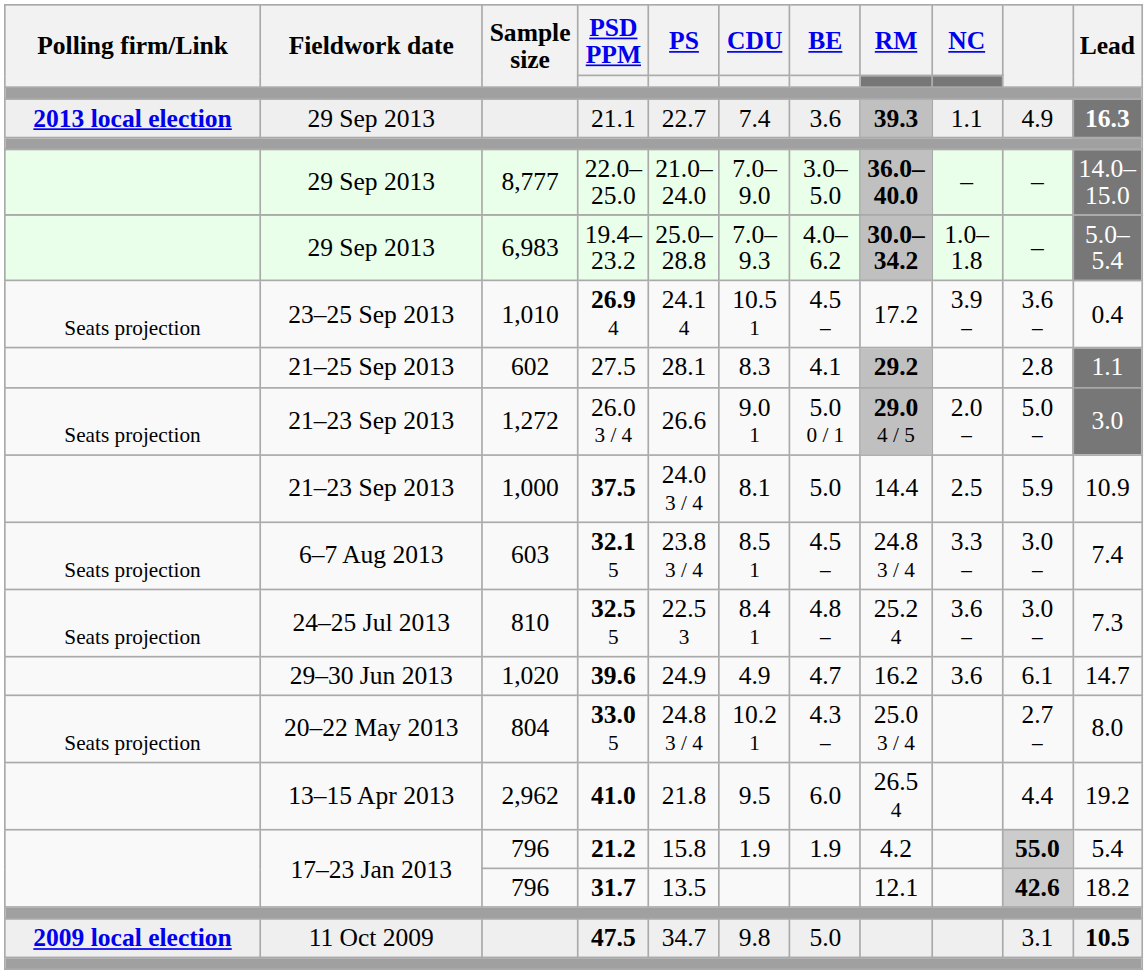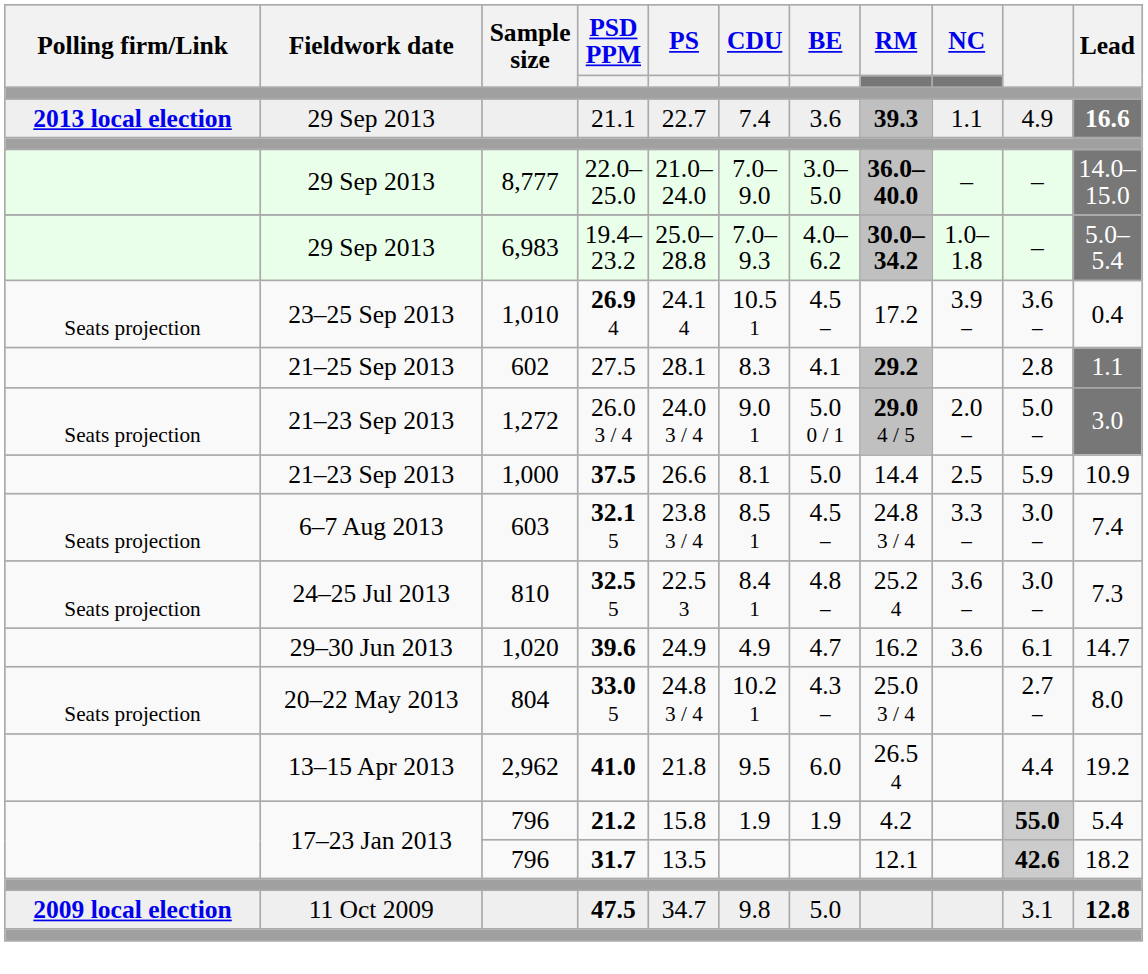 <table class="wikitable collapsible sortable" style="text-align:center; font-size:95%; line-height:16px;">
 <tr style="height:42px;">
 <th style="width:145px;" rowspan="2">Polling firm/Link</th>
 <th style="width:125px;" rowspan="2">Fieldwork date</th>
 <th class="unsortable" style="width:50px;" rowspan="2">Sample size</th>
 <th class="unsortable" style="width:35px;"><a href='#'>PSD</a><br><a href='#'>PPM</a></th>
 <th class="unsortable" style="width:35px;"><a href='#'>PS</a></th>
 <th class="unsortable" style="width:35px;"><a href='#'>CDU</a></th>
 <th class="unsortable" style="width:35px;"><a href='#'>BE</a></th>
 <th class="unsortable" style="width:35px;"><a href='#'>RM</a></th>
 <th class="unsortable" style="width:35px;"><a href='#'>NC</a></th>
 <th class="unsortable" style="width:35px;" rowspan="2"></th>
 <th class="unsortable" style="width:30px;" rowspan="2">Lead</th>
 </tr>
 <tr>
 <th class="unsortable" style="color:inherit;background:"></th>
 <th class="unsortable" style="color:inherit;background:"></th>
 <th class="unsortable" style="color:inherit;background:"></th>
 <th class="unsortable" style="color:inherit;background:"></th>
 <th class="unsortable" style="color:inherit;background:#777777;"></th>
 <th class="unsortable" style="color:inherit;background:#777777;"></th>
 </tr>
 <tr>
 <td colspan="12" style="background:#A0A0A0"></td>
 </tr>
 <tr style="background:#EFEFEF;">
 <td><strong><a href='#'>2013 local election</a></strong></td>
 <td data-sort-value="2019-10-06">29 Sep 2013</td>
 <td></td>
 <td>21.1<br></td>
 <td>22.7<br></td>
 <td>7.4<br></td>
 <td>3.6<br></td>
 <td style="background:#C0C0C0"><strong>39.3</strong><br></td>
 <td>1.1<br></td>
 <td>4.9<br></td>
-<td style="background:#777777; color:white;"><strong>16.3</strong></td>
+<td style="background:#777777; color:white;"><strong>16.6</strong></td>
 </tr>
 <tr>
 <td colspan="12" style="background:#A0A0A0"></td>
 </tr>
 <tr>
 </tr>
 <tr style="background:#EAFFEA"|>
 <td></td>
 <td data-sort-value="2019-10-06">29 Sep 2013</td>
 <td>8,777</td>
 <td>22.0–<br>25.0<br></td>
 <td>21.0–<br>24.0<br></td>
 <td>7.0–<br>9.0<br></td>
 <td>3.0–<br>5.0<br></td>
 <td style="background:#C0C0C0"><strong>36.0–<br>40.0</strong><br></td>
 <td>–</td>
 <td>–</td>
 <td style="background:#777777; color:white;">14.0–<br>15.0</td>
 </tr>
 <tr>
 </tr>
 <tr style="background:#EAFFEA"|>
 <td></td>
 <td data-sort-value="2019-10-06">29 Sep 2013</td>
 <td>6,983</td>
 <td>19.4–<br>23.2<br></td>
 <td>25.0–<br>28.8<br></td>
 <td>7.0–<br>9.3<br></td>
 <td>4.0–<br>6.2<br></td>
 <td style="background:#C0C0C0"><strong>30.0–<br>34.2</strong><br></td>
 <td>1.0–<br>1.8<br></td>
 <td>–</td>
 <td style="background:#777777; color:white;">5.0–<br>5.4</td>
 </tr>
 <tr>
 <td align="center"><br><small>Seats projection</small></td>
 <td align="center">23–25 Sep 2013</td>
 <td>1,010</td>
 <td align="center" ><strong>26.9</strong><br><small>4 </small></td>
 <td align="center">24.1<br><small>4 </small></td>
 <td align="center">10.5<br><small>1 </small></td>
 <td align="center">4.5<br><small> – </small></td>
 <td align="center">17.2</td>
 <td align="center">3.9<br><small> – </small></td>
 <td align="center">3.6<br><small> – </small></td>
 <td style="background:">0.4</td>
 </tr>
 <tr>
 <td align="center"></td>
 <td align="center">21–25 Sep 2013</td>
 <td>602</td>
 <td align="center">27.5</td>
 <td align="center">28.1</td>
 <td align="center">8.3</td>
 <td align="center">4.1</td>
 <td align="center" style="background:#C0C0C0"><strong>29.2</strong></td>
 <td></td>
 <td align="center">2.8</td>
 <td style="background:#777777;; color:white;">1.1</td>
 </tr>
 <tr>
 <td align="center"><br><small>Seats projection</small></td>
 <td align="center">21–23 Sep 2013</td>
 <td>1,272</td>
 <td align="center">26.0<br><small>3 / 4 </small></td>
-<td align="center">26.6</td>
+<td align="center">24.0<br><small>3 / 4 </small></td>
 <td align="center">9.0<br><small> 1  </small></td>
 <td align="center">5.0<br><small> 0 / 1 </small></td>
 <td align="center" style="background:#C0C0C0"><strong>29.0</strong><br><small>4 / 5 </small></td>
 <td align="center">2.0<br><small> – </small></td>
 <td align="center">5.0<br><small> – </small></td>
 <td style="background:#777777;; color:white;">3.0</td>
 </tr>
 <tr>
 <td align="center"></td>
 <td align="center">21–23 Sep 2013</td>
 <td>1,000</td>
 <td align="center" ><strong>37.5</strong></td>
-<td align="center">24.0<br><small>3 / 4 </small></td>
+<td align="center">26.6</td>
 <td align="center">8.1</td>
 <td align="center">5.0</td>
 <td align="center">14.4</td>
 <td align="center">2.5</td>
 <td align="center">5.9</td>
 <td style="background:">10.9</td>
 </tr>
 <tr>
 <td align="center"><br><small>Seats projection</small></td>
 <td align="center">6–7 Aug 2013</td>
 <td>603</td>
 <td align="center" ><strong>32.1</strong><br><small>5 </small></td>
 <td align="center">23.8<br><small>3 / 4 </small></td>
 <td align="center">8.5<br><small>1 </small></td>
 <td align="center">4.5<br><small> – </small></td>
 <td align="center">24.8<br><small>3 / 4 </small></td>
 <td align="center">3.3<br><small> – </small></td>
 <td align="center">3.0<br><small> – </small></td>
 <td style="background:">7.4</td>
 </tr>
 <tr>
 <td align="center"><br><small>Seats projection</small></td>
 <td align="center">24–25 Jul 2013</td>
 <td>810</td>
 <td align="center" ><strong>32.5</strong><br><small>5 </small></td>
 <td align="center">22.5<br><small>3 </small></td>
 <td align="center">8.4<br><small>1 </small></td>
 <td align="center">4.8<br><small> – </small></td>
 <td align="center">25.2<br><small>4 </small></td>
 <td align="center">3.6<br><small> – </small></td>
 <td align="center">3.0<br><small> – </small></td>
 <td style="background:">7.3</td>
 </tr>
 <tr>
 <td align="center"></td>
 <td align="center">29–30 Jun 2013</td>
 <td>1,020</td>
 <td align="center" ><strong>39.6</strong></td>
 <td align="center">24.9</td>
 <td align="center">4.9</td>
 <td align="center">4.7</td>
 <td align="center">16.2</td>
 <td align="center">3.6</td>
 <td align="center">6.1</td>
 <td style="background:">14.7</td>
 </tr>
 <tr>
 <td align="center"><br><small>Seats projection</small></td>
 <td align="center">20–22 May 2013</td>
 <td>804</td>
 <td align="center" ><strong>33.0</strong><br><small>5 </small></td>
 <td align="center">24.8<br><small>3 / 4 </small></td>
 <td align="center">10.2<br><small>1 </small></td>
 <td align="center">4.3<br><small> – </small></td>
 <td align="center">25.0<br><small>3 / 4 </small></td>
 <td></td>
 <td align="center">2.7<br><small> – </small></td>
 <td style="background:">8.0</td>
 </tr>
 <tr>
 <td align="center"></td>
 <td align="center">13–15 Apr 2013</td>
 <td>2,962</td>
 <td align="center" ><strong>41.0</strong></td>
 <td align="center">21.8</td>
 <td align="center">9.5</td>
 <td align="center">6.0</td>
 <td align="center">26.5<br><small>4 </small></td>
 <td></td>
 <td align="center">4.4</td>
 <td style="background:">19.2</td>
 </tr>
 <tr>
 <td rowspan="2" align="center"></td>
 <td rowspan="2" align="center">17–23 Jan 2013</td>
 <td>796</td>
 <td align="center" ><strong>21.2</strong></td>
 <td align="center">15.8</td>
 <td align="center">1.9</td>
 <td align="center">1.9</td>
 <td align="center">4.2</td>
 <td></td>
 <td align="center" style="background:#cccccc"><strong>55.0</strong></td>
 <td style="background:">5.4</td>
 </tr>
 <tr>
 <td>796</td>
 <td align="center" ><strong>31.7</strong></td>
 <td align="center">13.5</td>
 <td></td>
 <td></td>
 <td align="center">12.1</td>
 <td></td>
 <td align="center" style="background:#cccccc"><strong>42.6</strong></td>
 <td style="background:">18.2</td>
 </tr>
 <tr>
 <td colspan="13" style="background:#A0A0A0"></td>
 </tr>
 <tr style="background:#EFEFEF;">
 <td><strong><a href='#'>2009 local election</a></strong></td>
 <td data-sort-value="2019-10-06">11 Oct 2009</td>
 <td></td>
 <td><strong>47.5</strong><br></td>
 <td>34.7<br></td>
 <td>9.8<br></td>
 <td>5.0<br></td>
 <td></td>
 <td></td>
 <td>3.1<br></td>
-<td style="background:"><strong>10.5</strong></td>
+<td style="background:"><strong>12.8</strong></td>
 </tr>
 <tr>
 <td colspan="13" style="background:#A0A0A0"></td>
 </tr>
 </table>
